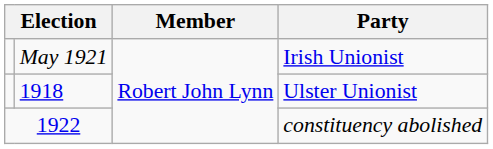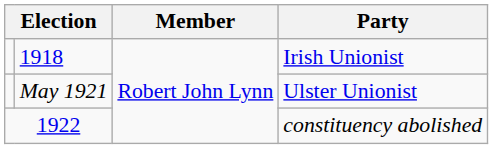 <table class="wikitable">
 <tr>
 <th colspan="2">Election</th>
 <th>Member</th>
 <th>Party</th>
 </tr>
 <tr>
 <td style="color:inherit;background-color: "></td>
-<td><em>May 1921</em></td>
+<td><a href='#'>1918</a></td>
 <td rowspan="3"><a href='#'>Robert John Lynn</a></td>
 <td><a href='#'>Irish Unionist</a></td>
 </tr>
 <tr>
 <td style="color:inherit;background-color: "></td>
-<td><a href='#'>1918</a></td>
+<td><em>May 1921</em></td>
 <td><a href='#'>Ulster Unionist</a></td>
 </tr>
 <tr>
 <td colspan="2" align="center"><a href='#'>1922</a></td>
 <td colspan="2"><em>constituency abolished</em></td>
 </tr>
 </table>
